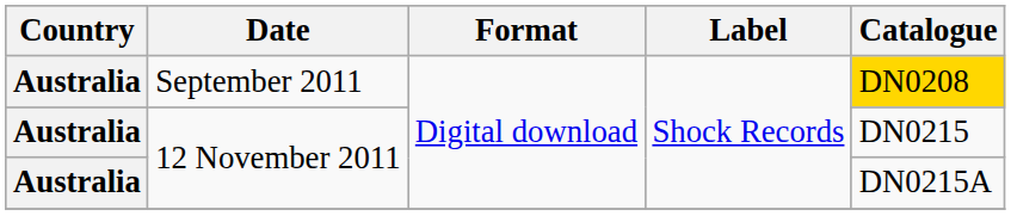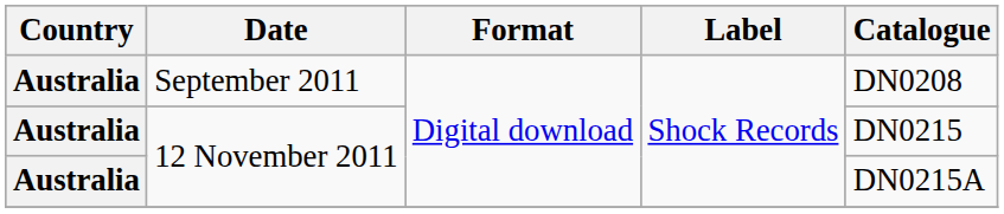 <table class="wikitable plainrowheaders">
 <tr>
 <th scope="col">Country</th>
 <th scope="col">Date</th>
 <th scope="col">Format</th>
 <th scope="col">Label</th>
 <th scope="col">Catalogue</th>
 </tr>
 <tr>
 <th scope="row">Australia</th>
 <td>September 2011</td>
 <td rowspan="3"><a href='#'>Digital download</a></td>
 <td rowspan="3"><a href='#'>Shock Records</a></td>
-<td style="background: gold;">DN0208</td>
+<td>DN0208</td>
 </tr>
 <tr>
 <th scope="row">Australia</th>
 <td rowspan="2">12 November 2011</td>
 <td>DN0215</td>
 </tr>
 <tr>
 <th scope="row">Australia</th>
 <td>DN0215A</td>
 </tr>
 <tr>
 </tr>
 </table>
